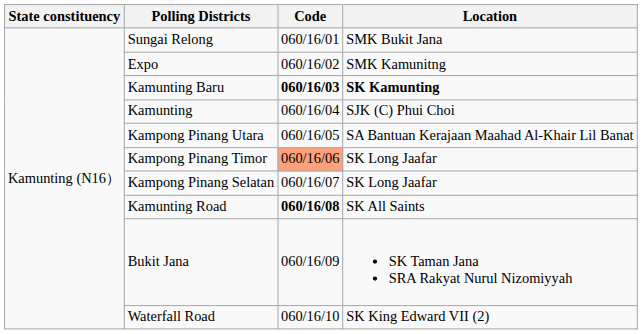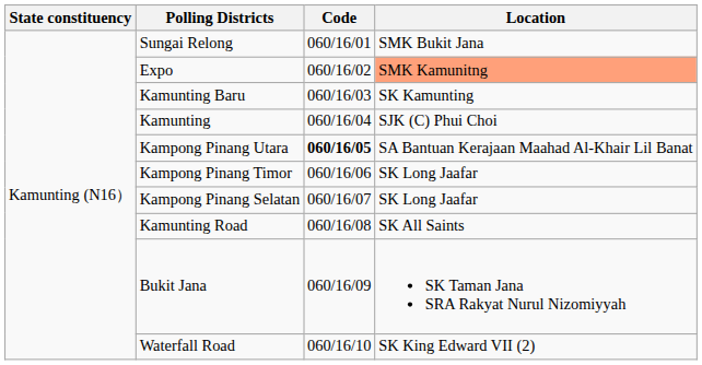 <table class="wikitable sortable mw-collapsible" style="white-space:nowrap;font-size:85%">
 <tr>
 <th>State constituency</th>
 <th>Polling Districts</th>
 <th>Code</th>
 <th>Location</th>
 </tr>
 <tr>
 <td rowspan="10">Kamunting (N16）</td>
 <td>Sungai Relong</td>
 <td>060/16/01</td>
 <td>SMK Bukit Jana</td>
 </tr>
 <tr>
 <td>Expo</td>
 <td>060/16/02</td>
-<td>SMK Kamunitng</td>
+<td style="background: lightsalmon;">SMK Kamunitng</td>
 </tr>
 <tr>
 <td>Kamunting Baru</td>
-<td><strong>060/16/03</strong></td>
-<td><strong>SK Kamunting</strong></td>
+<td>060/16/03</td>
+<td>SK Kamunting</td>
 </tr>
 <tr>
 <td>Kamunting</td>
 <td>060/16/04</td>
 <td>SJK (C) Phui Choi</td>
 </tr>
 <tr>
 <td>Kampong Pinang Utara</td>
-<td>060/16/05</td>
+<td><strong>060/16/05</strong></td>
 <td>SA Bantuan Kerajaan Maahad Al-Khair Lil Banat</td>
 </tr>
 <tr>
 <td>Kampong Pinang Timor</td>
-<td style="background: lightsalmon;">060/16/06</td>
+<td>060/16/06</td>
 <td>SK Long Jaafar</td>
 </tr>
 <tr>
 <td>Kampong Pinang Selatan</td>
 <td>060/16/07</td>
 <td>SK Long Jaafar</td>
 </tr>
 <tr>
 <td>Kamunting Road</td>
-<td><strong>060/16/08</strong></td>
+<td>060/16/08</td>
 <td>SK All Saints</td>
 </tr>
 <tr>
 <td>Bukit Jana</td>
 <td>060/16/09</td>
 <td><br><ul><li>SK Taman Jana</li><li>SRA Rakyat Nurul Nizomiyyah</li></ul></td>
 </tr>
 <tr>
 <td>Waterfall Road</td>
 <td>060/16/10</td>
 <td>SK King Edward VII (2)</td>
 </tr>
 </table>
